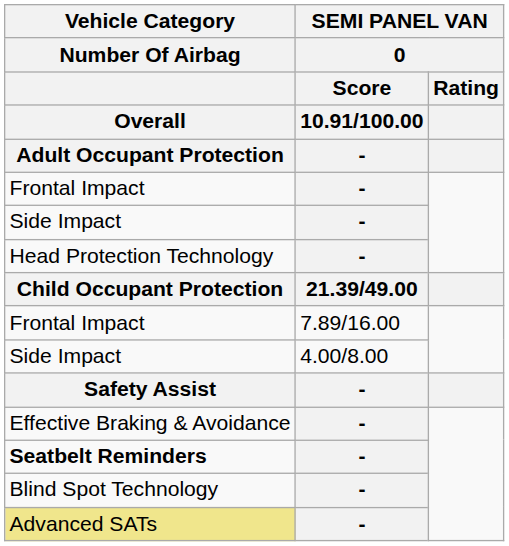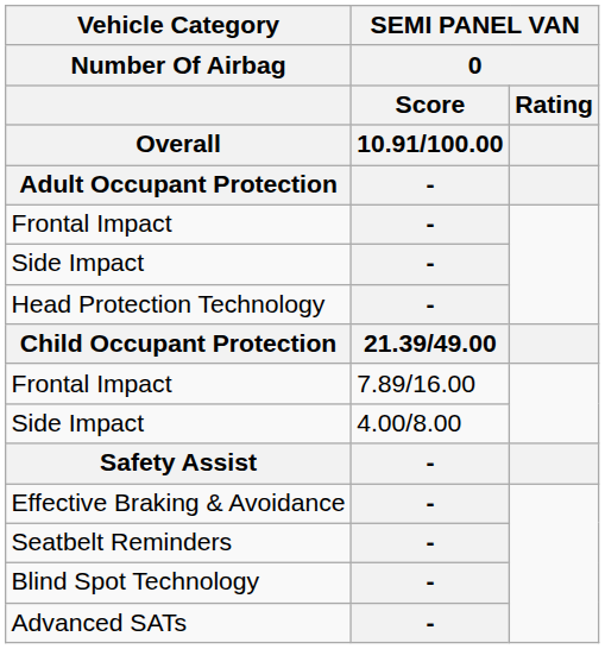 <table class="wikitable">
 <tr>
 <th>Vehicle Category</th>
 <th colspan="2">SEMI PANEL VAN</th>
 </tr>
 <tr>
 <th>Number Of Airbag</th>
 <th colspan="2">0</th>
 </tr>
 <tr>
 <th></th>
 <th>Score</th>
 <th>Rating</th>
 </tr>
 <tr>
 <th>Overall</th>
 <th>10.91/100.00</th>
 <th></th>
 </tr>
 <tr>
 <th>Adult Occupant Protection</th>
 <th>-</th>
 <th></th>
 </tr>
 <tr>
 <td>Frontal Impact</td>
 <th>-</th>
 <td rowspan="3"></td>
 </tr>
 <tr>
 <td>Side Impact</td>
 <th>-</th>
 </tr>
 <tr>
 <td>Head Protection Technology</td>
 <th>-</th>
 </tr>
 <tr>
 <th>Child Occupant Protection</th>
 <th>21.39/49.00</th>
 <th></th>
 </tr>
 <tr>
 <td>Frontal Impact</td>
 <td>7.89/16.00</td>
 <td rowspan="2"></td>
 </tr>
 <tr>
 <td>Side Impact</td>
 <td>4.00/8.00</td>
 </tr>
 <tr>
 <th>Safety Assist</th>
 <th>-</th>
 <th></th>
 </tr>
 <tr>
 <td>Effective Braking & Avoidance</td>
 <th>-</th>
 <td rowspan="4"></td>
 </tr>
 <tr>
-<td><strong>Seatbelt Reminders</strong></td>
+<td>Seatbelt Reminders</td>
 <th>-</th>
 </tr>
 <tr>
 <td>Blind Spot Technology</td>
 <th>-</th>
 </tr>
 <tr>
-<td style="background: khaki;">Advanced SATs</td>
+<td>Advanced SATs</td>
 <th>-</th>
 </tr>
 </table>
